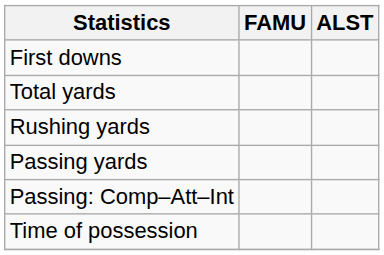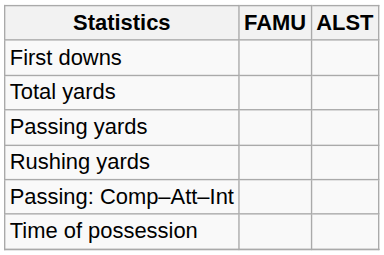 <table class="wikitable" style="float: left;">
 <tr>
 <th>Statistics</th>
 <th>FAMU</th>
 <th>ALST</th>
 </tr>
 <tr>
 <td>First downs</td>
 <td></td>
 <td></td>
 </tr>
 <tr>
 <td>Total yards</td>
 <td></td>
 <td></td>
 </tr>
 <tr>
-<td>Rushing yards</td>
+<td>Passing yards</td>
 <td></td>
 <td></td>
 </tr>
 <tr>
-<td>Passing yards</td>
+<td>Rushing yards</td>
 <td></td>
 <td></td>
 </tr>
 <tr>
 <td>Passing: Comp–Att–Int</td>
 <td></td>
 <td></td>
 </tr>
 <tr>
 <td>Time of possession</td>
 <td></td>
 <td></td>
 </tr>
 <tr>
 </tr>
 </table>
